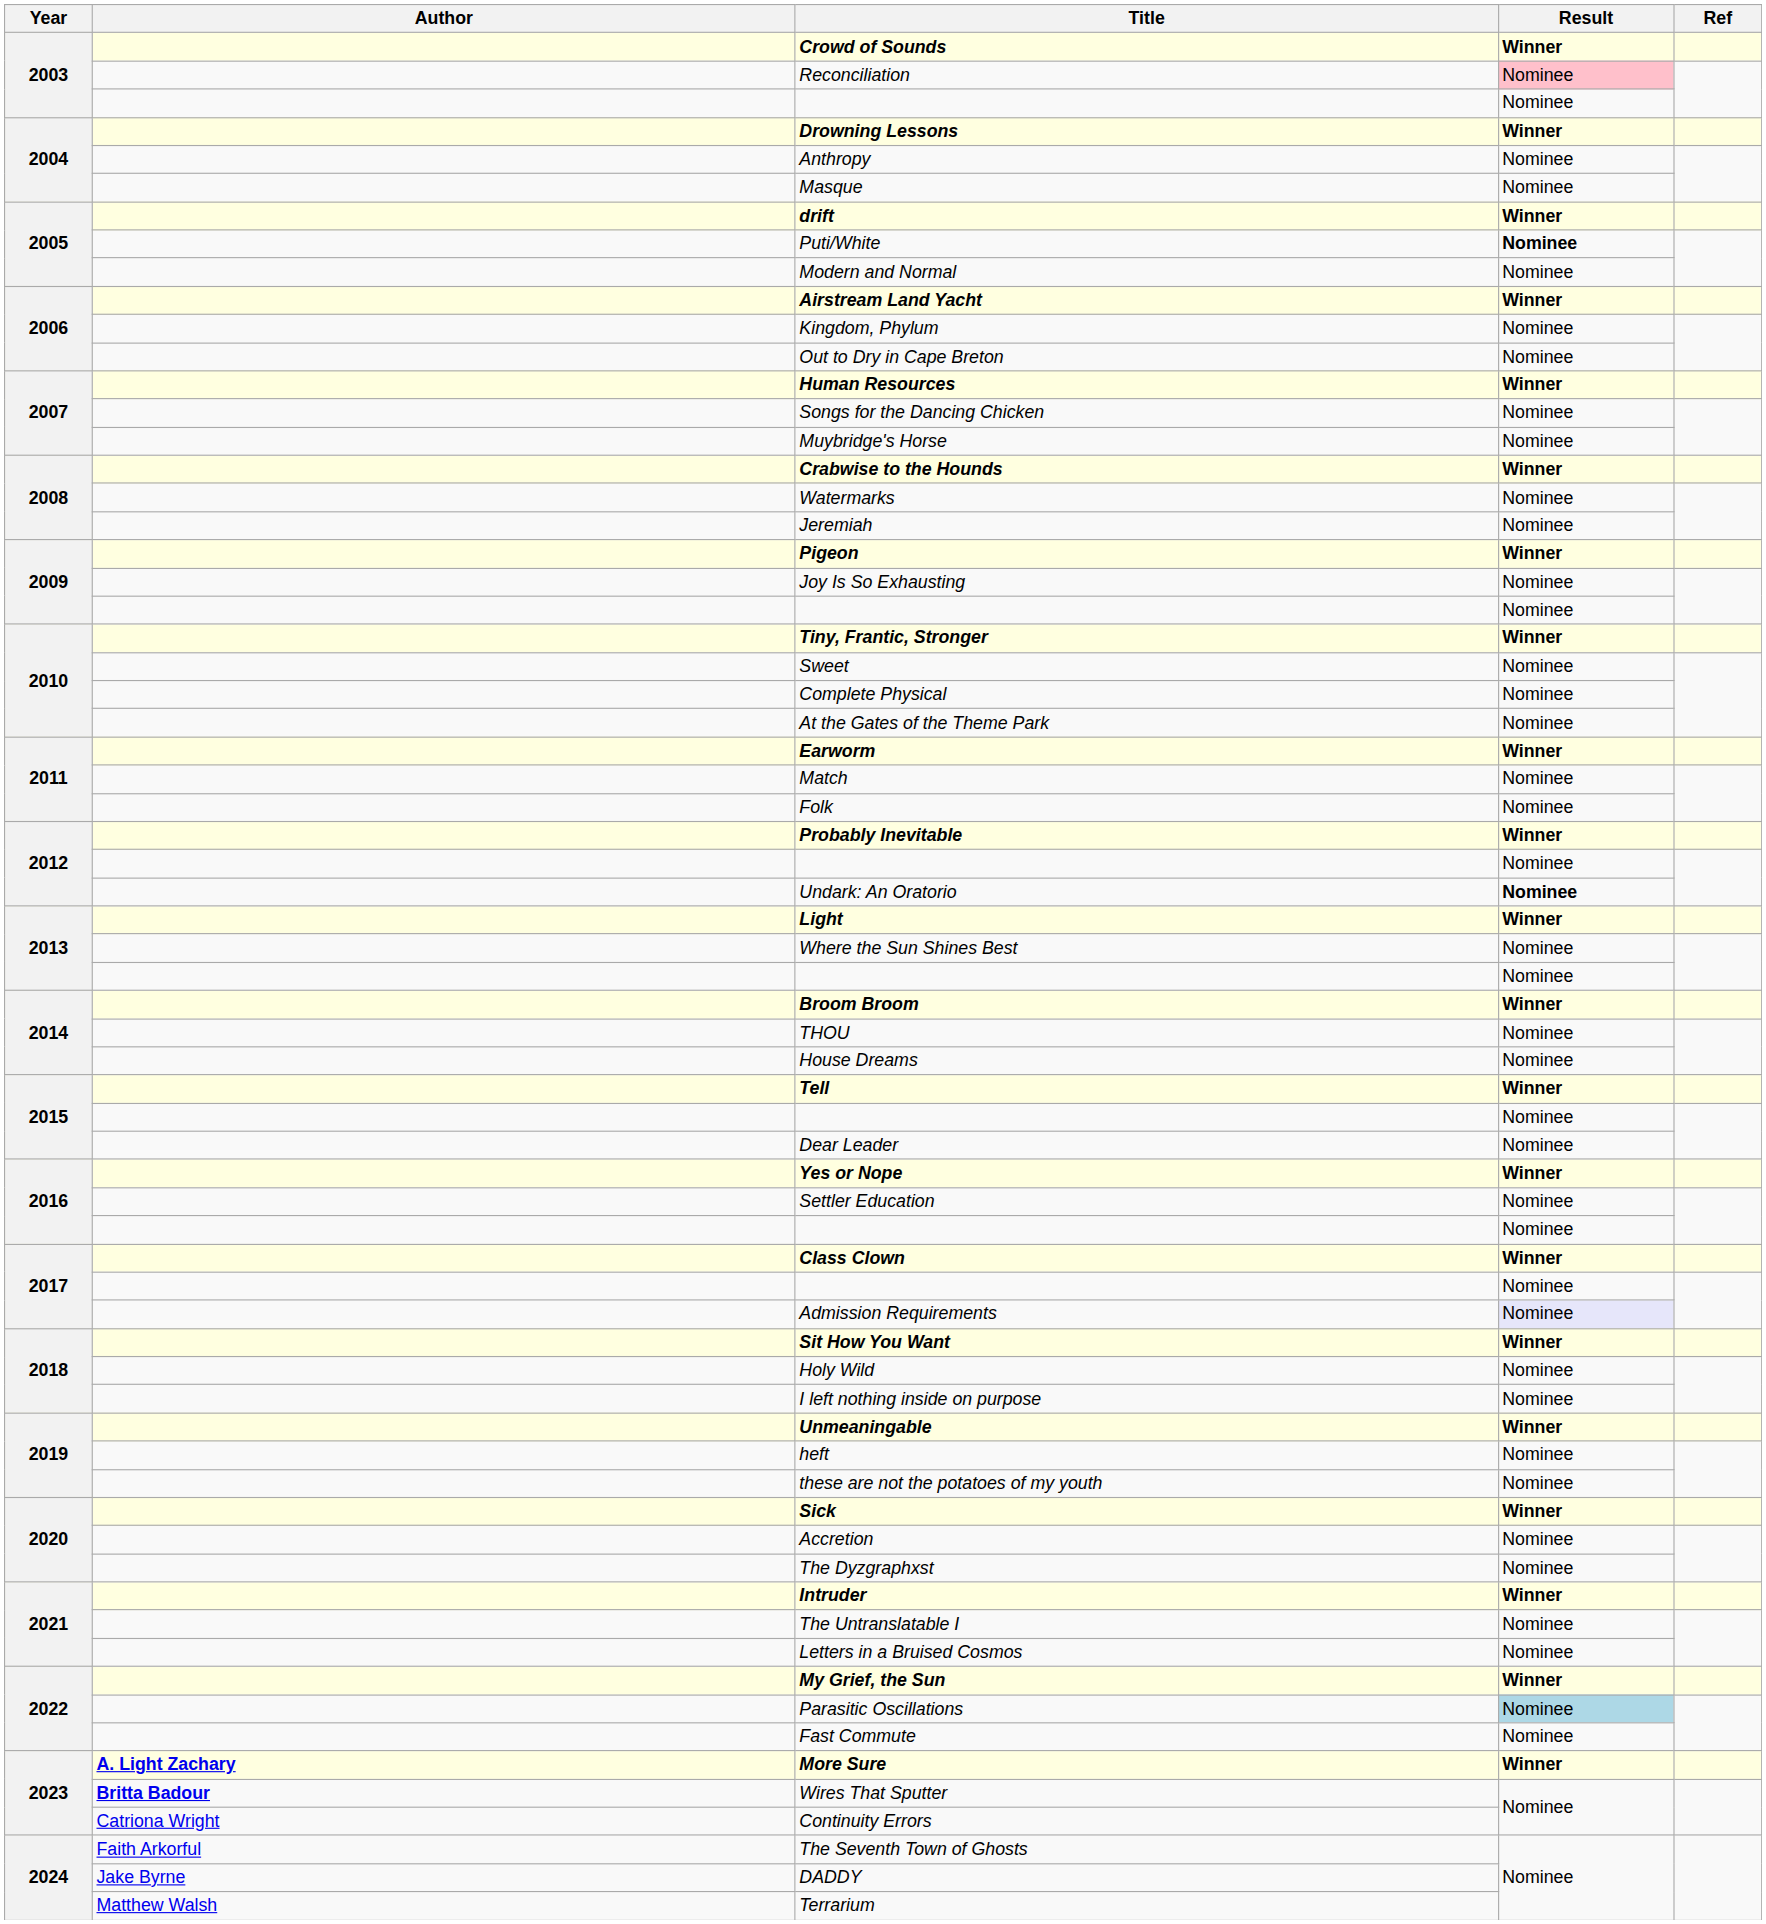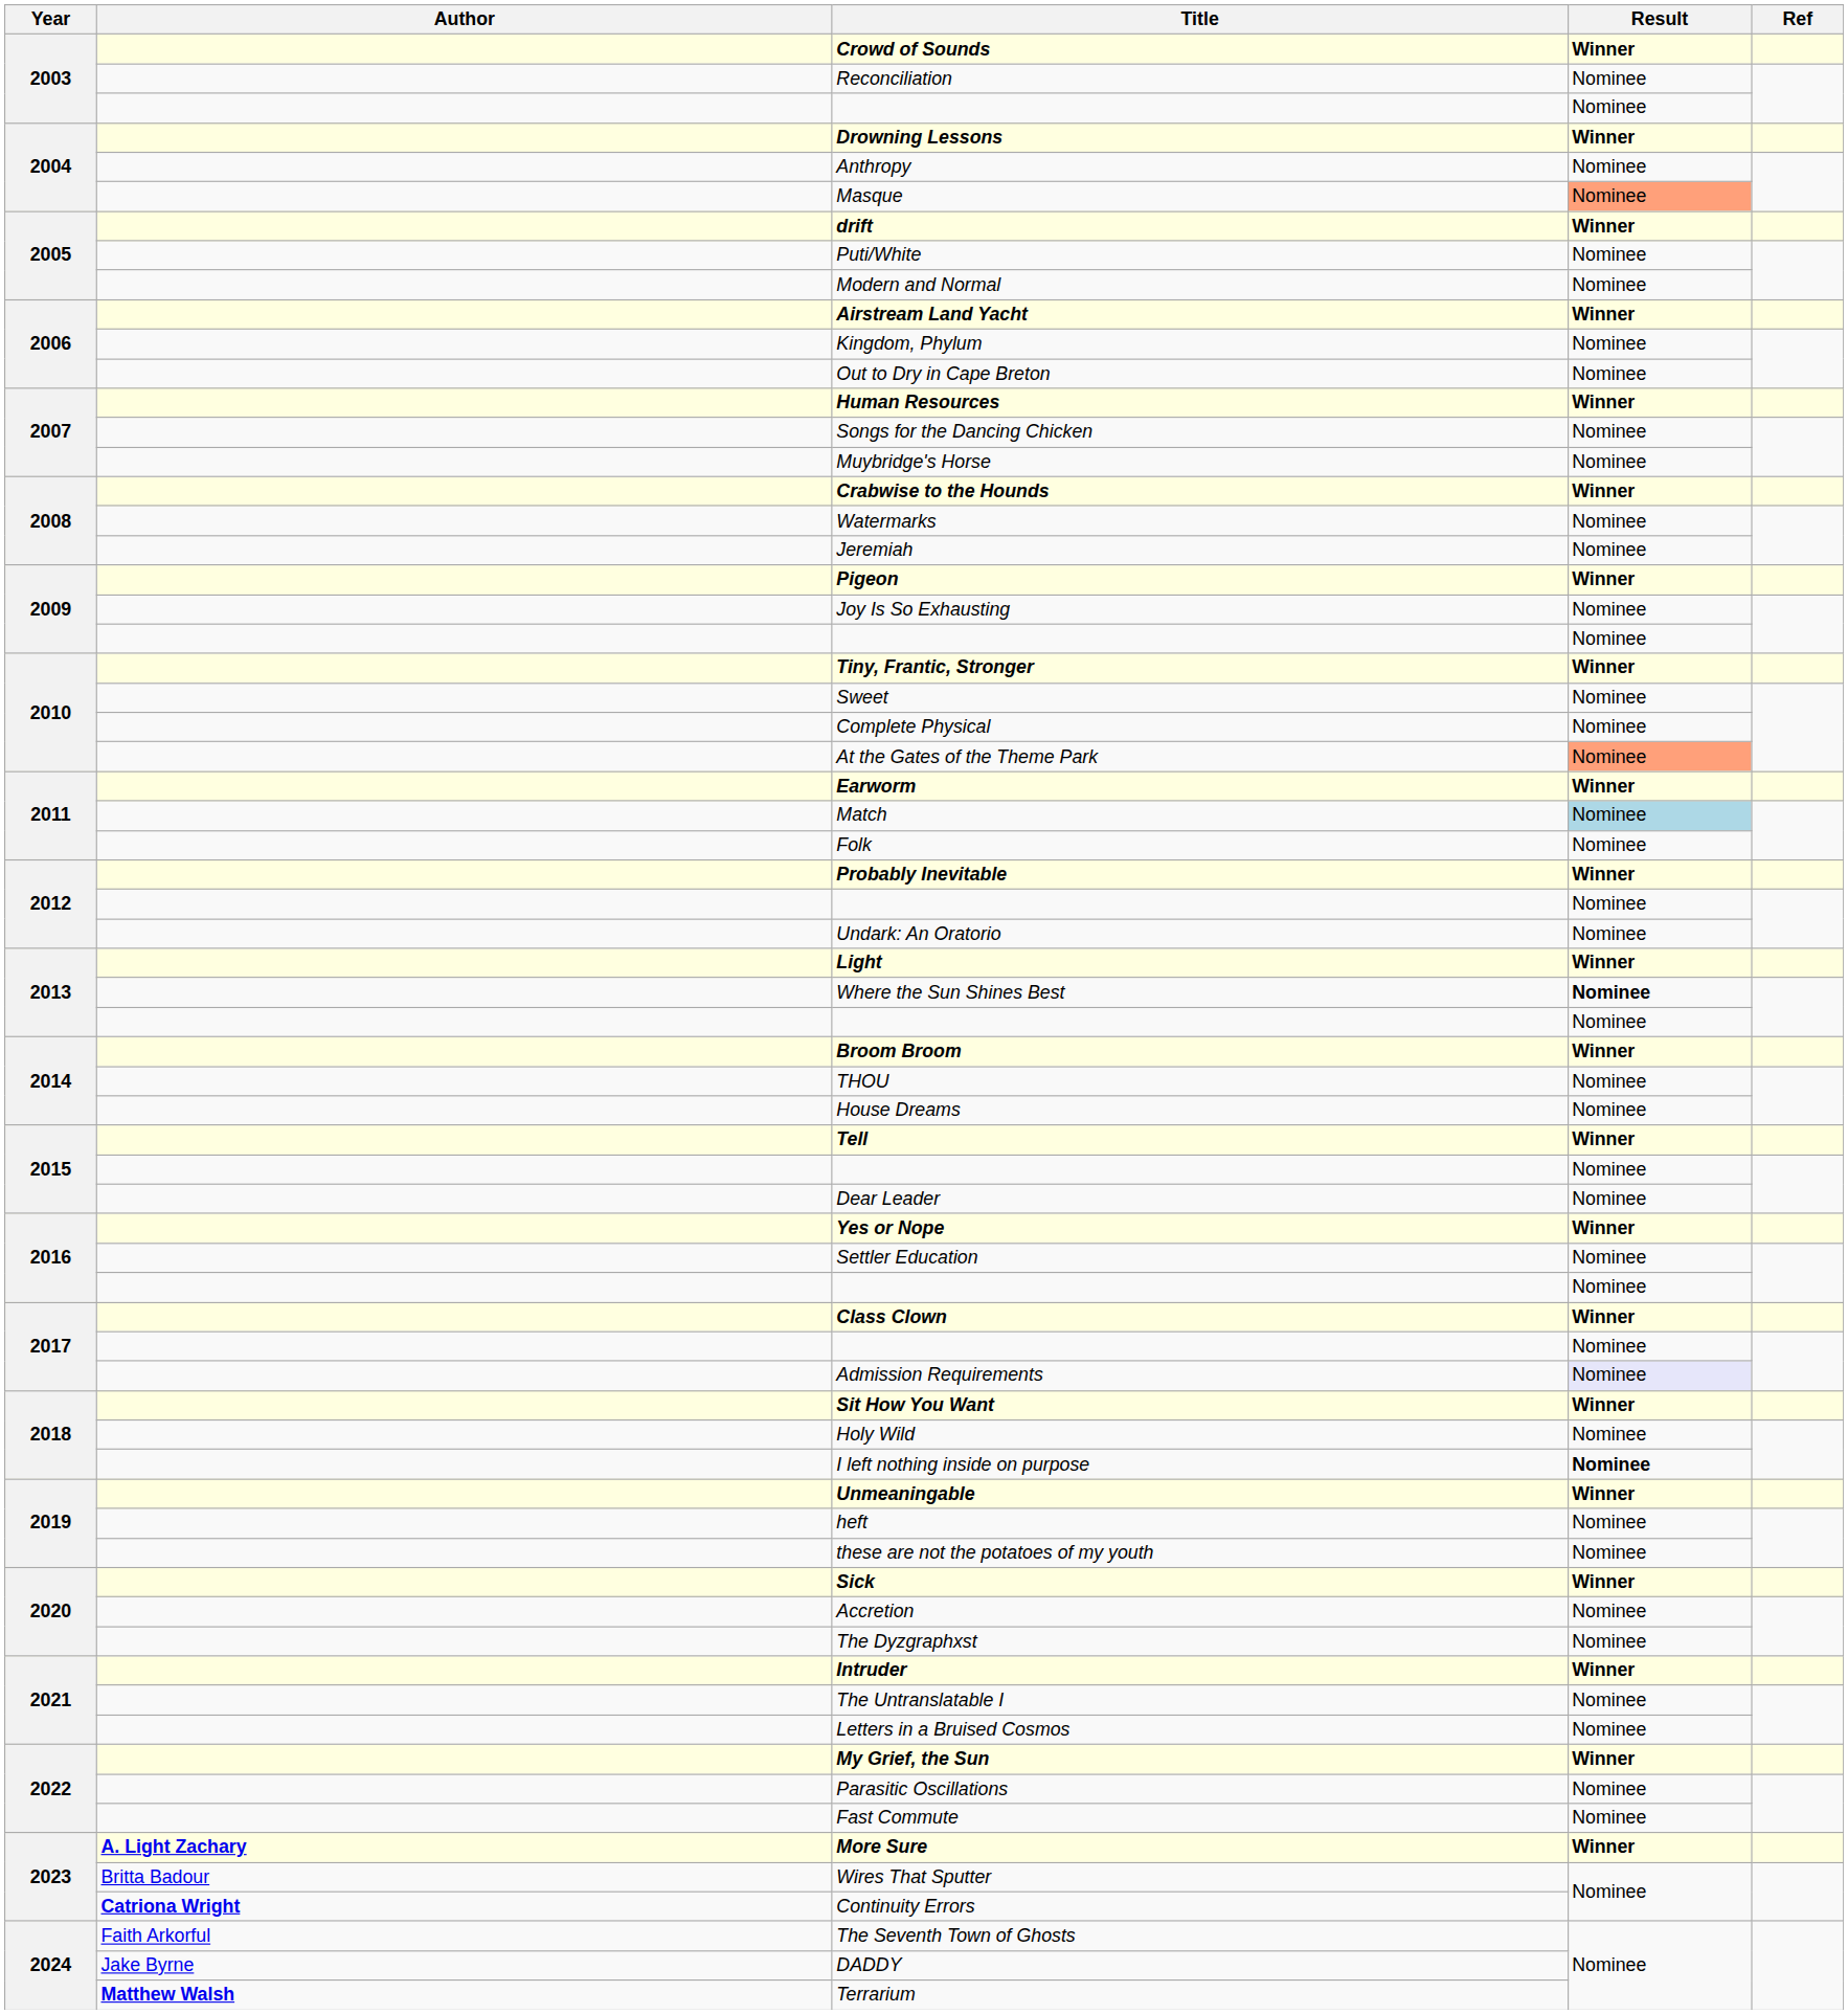 <table class="wikitable sortable mw-collapsible" width="100%">
 <tr>
 <th width="5%">Year</th>
 <th width=40%>Author</th>
 <th width="40%">Title</th>
 <th width="10%">Result</th>
 <th width="5%">Ref</th>
 </tr>
 <tr style="background:lightyellow">
 <th rowspan="3">2003</th>
 <td><strong></strong></td>
 <td><strong><em>Crowd of Sounds</em></strong></td>
 <td><strong>Winner</strong></td>
 <td></td>
 </tr>
 <tr>
 <td></td>
 <td><em>Reconciliation</em></td>
-<td style="background: pink;">Nominee</td>
+<td>Nominee</td>
 <td rowspan="2"></td>
 </tr>
 <tr>
 <td></td>
 <td></td>
 <td>Nominee</td>
 </tr>
 <tr style="background:lightyellow">
 <th rowspan="3">2004</th>
 <td><strong></strong></td>
 <td><strong><em>Drowning Lessons</em></strong></td>
 <td><strong>Winner</strong></td>
 <td></td>
 </tr>
 <tr>
 <td></td>
 <td><em>Anthropy</em></td>
 <td>Nominee</td>
 <td rowspan="2"></td>
 </tr>
 <tr>
 <td></td>
 <td><em>Masque</em></td>
-<td>Nominee</td>
+<td style="background: lightsalmon;">Nominee</td>
 </tr>
 <tr style="background:lightyellow">
 <th rowspan="3">2005</th>
 <td><strong></strong></td>
 <td><strong><em>drift</em></strong></td>
 <td><strong>Winner</strong></td>
 <td></td>
 </tr>
 <tr>
 <td></td>
 <td><em>Puti/White</em></td>
-<td><strong>Nominee</strong></td>
+<td>Nominee</td>
 <td rowspan="2"></td>
 </tr>
 <tr>
 <td></td>
 <td><em>Modern and Normal</em></td>
 <td>Nominee</td>
 </tr>
 <tr style="background:lightyellow">
 <th rowspan="3">2006</th>
 <td><strong></strong></td>
 <td><strong><em>Airstream Land Yacht</em></strong></td>
 <td><strong>Winner</strong></td>
 <td></td>
 </tr>
 <tr>
 <td></td>
 <td><em>Kingdom, Phylum</em></td>
 <td>Nominee</td>
 <td rowspan="2"></td>
 </tr>
 <tr>
 <td></td>
 <td><em>Out to Dry in Cape Breton</em></td>
 <td>Nominee</td>
 </tr>
 <tr style="background:lightyellow">
 <th rowspan="3">2007</th>
 <td><strong></strong></td>
 <td><strong><em>Human Resources</em></strong></td>
 <td><strong>Winner</strong></td>
 <td></td>
 </tr>
 <tr>
 <td></td>
 <td><em>Songs for the Dancing Chicken</em></td>
 <td>Nominee</td>
 <td rowspan="2"></td>
 </tr>
 <tr>
 <td></td>
 <td><em>Muybridge's Horse</em></td>
 <td>Nominee</td>
 </tr>
 <tr style="background:lightyellow">
 <th rowspan="3">2008</th>
 <td><strong></strong></td>
 <td><strong><em>Crabwise to the Hounds</em></strong></td>
 <td><strong>Winner</strong></td>
 <td></td>
 </tr>
 <tr>
 <td></td>
 <td><em>Watermarks</em></td>
 <td>Nominee</td>
 <td rowspan="2"></td>
 </tr>
 <tr>
 <td></td>
 <td><em>Jeremiah</em></td>
 <td>Nominee</td>
 </tr>
 <tr style="background:lightyellow">
 <th rowspan="3">2009</th>
 <td><strong></strong></td>
 <td><strong><em>Pigeon</em></strong></td>
 <td><strong>Winner</strong></td>
 <td></td>
 </tr>
 <tr>
 <td></td>
 <td><em>Joy Is So Exhausting</em></td>
 <td>Nominee</td>
 <td rowspan="2"></td>
 </tr>
 <tr>
 <td></td>
 <td></td>
 <td>Nominee</td>
 </tr>
 <tr style="background:lightyellow">
 <th rowspan="4">2010</th>
 <td><strong></strong></td>
 <td><strong><em>Tiny, Frantic, Stronger</em></strong></td>
 <td><strong>Winner</strong></td>
 <td></td>
 </tr>
 <tr>
 <td></td>
 <td><em>Sweet</em></td>
 <td>Nominee</td>
 <td rowspan="3"></td>
 </tr>
 <tr>
 <td></td>
 <td><em>Complete Physical</em></td>
 <td>Nominee</td>
 </tr>
 <tr>
 <td></td>
 <td><em>At the Gates of the Theme Park</em></td>
-<td>Nominee</td>
+<td style="background: lightsalmon;">Nominee</td>
 </tr>
 <tr style="background:lightyellow">
 <th rowspan="3">2011</th>
 <td><strong></strong></td>
 <td><strong><em>Earworm</em></strong></td>
 <td><strong>Winner</strong></td>
 <td></td>
 </tr>
 <tr>
 <td></td>
 <td><em>Match</em></td>
-<td>Nominee</td>
+<td style="background: lightblue;">Nominee</td>
 <td rowspan="2"></td>
 </tr>
 <tr>
 <td></td>
 <td><em>Folk</em></td>
 <td>Nominee</td>
 </tr>
 <tr style="background:lightyellow">
 <th rowspan="3">2012</th>
 <td><strong></strong></td>
 <td><strong><em>Probably Inevitable</em></strong></td>
 <td><strong>Winner</strong></td>
 <td></td>
 </tr>
 <tr>
 <td></td>
 <td></td>
 <td>Nominee</td>
 <td rowspan="2"></td>
 </tr>
 <tr>
 <td></td>
 <td><em>Undark: An Oratorio</em></td>
-<td><strong>Nominee</strong></td>
+<td>Nominee</td>
 </tr>
 <tr style="background:lightyellow">
 <th rowspan="3">2013</th>
 <td><strong></strong></td>
 <td><strong><em>Light</em></strong></td>
 <td><strong>Winner</strong></td>
 <td></td>
 </tr>
 <tr>
 <td></td>
 <td><em>Where the Sun Shines Best</em></td>
-<td>Nominee</td>
+<td><strong>Nominee</strong></td>
 <td rowspan="2"></td>
 </tr>
 <tr>
 <td></td>
 <td></td>
 <td>Nominee</td>
 </tr>
 <tr style="background:lightyellow">
 <th rowspan="3">2014</th>
 <td><strong></strong></td>
 <td><strong><em>Broom Broom</em></strong></td>
 <td><strong>Winner</strong></td>
 <td></td>
 </tr>
 <tr>
 <td></td>
 <td><em>THOU</em></td>
 <td>Nominee</td>
 <td rowspan="2"></td>
 </tr>
 <tr>
 <td></td>
 <td><em>House Dreams</em></td>
 <td>Nominee</td>
 </tr>
 <tr style="background:lightyellow">
 <th rowspan="3">2015</th>
 <td><strong></strong></td>
 <td><strong><em>Tell</em></strong></td>
 <td><strong>Winner</strong></td>
 <td></td>
 </tr>
 <tr>
 <td></td>
 <td></td>
 <td>Nominee</td>
 <td rowspan="2"></td>
 </tr>
 <tr>
 <td></td>
 <td><em>Dear Leader</em></td>
 <td>Nominee</td>
 </tr>
 <tr style="background:lightyellow">
 <th rowspan="3">2016</th>
 <td><strong></strong></td>
 <td><strong><em>Yes or Nope</em></strong></td>
 <td><strong>Winner</strong></td>
 <td></td>
 </tr>
 <tr>
 <td></td>
 <td><em>Settler Education</em></td>
 <td>Nominee</td>
 <td rowspan="2"></td>
 </tr>
 <tr>
 <td></td>
 <td></td>
 <td>Nominee</td>
 </tr>
 <tr style="background:lightyellow">
 <th rowspan="3">2017</th>
 <td><strong></strong></td>
 <td><strong><em>Class Clown</em></strong></td>
 <td><strong>Winner</strong></td>
 <td></td>
 </tr>
 <tr>
 <td></td>
 <td></td>
 <td>Nominee</td>
 <td rowspan="2"></td>
 </tr>
 <tr>
 <td></td>
 <td><em>Admission Requirements</em></td>
 <td style="background: lavender;">Nominee</td>
 </tr>
 <tr style="background:lightyellow">
 <th rowspan="3">2018</th>
 <td><strong></strong></td>
 <td><strong><em>Sit How You Want</em></strong></td>
 <td><strong>Winner</strong></td>
 <td></td>
 </tr>
 <tr>
 <td></td>
 <td><em>Holy Wild</em></td>
 <td>Nominee</td>
 <td rowspan="2"></td>
 </tr>
 <tr>
 <td></td>
 <td><em>I left nothing inside on purpose</em></td>
-<td>Nominee</td>
+<td><strong>Nominee</strong></td>
 </tr>
 <tr style="background:lightyellow">
 <th rowspan="3">2019</th>
 <td><strong></strong></td>
 <td><strong><em>Unmeaningable</em></strong></td>
 <td><strong>Winner</strong></td>
 <td></td>
 </tr>
 <tr>
 <td></td>
 <td><em>heft</em></td>
 <td>Nominee</td>
 <td rowspan="2"></td>
 </tr>
 <tr>
 <td></td>
 <td><em>these are not the potatoes of my youth</em></td>
 <td>Nominee</td>
 </tr>
 <tr style="background:lightyellow">
 <th rowspan="3">2020</th>
 <td><strong></strong></td>
 <td><strong><em>Sick</em></strong></td>
 <td><strong>Winner</strong></td>
 <td></td>
 </tr>
 <tr>
 <td></td>
 <td><em>Accretion</em></td>
 <td>Nominee</td>
 <td rowspan="2"></td>
 </tr>
 <tr>
 <td></td>
 <td><em>The Dyzgraphxst</em></td>
 <td>Nominee</td>
 </tr>
 <tr style="background:lightyellow">
 <th rowspan="3">2021</th>
 <td><strong></strong></td>
 <td><strong><em>Intruder</em></strong></td>
 <td><strong>Winner</strong></td>
 <td></td>
 </tr>
 <tr>
 <td></td>
 <td><em>The Untranslatable I</em></td>
 <td>Nominee</td>
 <td rowspan="2"></td>
 </tr>
 <tr>
 <td></td>
 <td><em>Letters in a Bruised Cosmos</em></td>
 <td>Nominee</td>
 </tr>
 <tr style="background:lightyellow">
 <th rowspan="3">2022</th>
 <td><strong></strong></td>
 <td><strong><em>My Grief, the Sun</em></strong></td>
 <td><strong>Winner</strong></td>
 <td></td>
 </tr>
 <tr>
 <td></td>
 <td><em>Parasitic Oscillations</em></td>
-<td style="background: lightblue;">Nominee</td>
+<td>Nominee</td>
 <td rowspan="2"></td>
 </tr>
 <tr>
 <td></td>
 <td><em>Fast Commute</em></td>
 <td>Nominee</td>
 </tr>
 <tr style="background:lightyellow">
 <th rowspan="3">2023</th>
 <td><strong><a href='#'>A. Light Zachary</a></strong></td>
 <td><strong><em>More Sure</em></strong></td>
 <td><strong>Winner</strong></td>
 <td></td>
 </tr>
 <tr>
-<td><strong><a href='#'>Britta Badour</a></strong></td>
+<td><a href='#'>Britta Badour</a></td>
 <td><em>Wires That Sputter</em></td>
 <td rowspan=2>Nominee</td>
 <td rowspan=2></td>
 </tr>
 <tr>
-<td><a href='#'>Catriona Wright</a></td>
+<td><strong><a href='#'>Catriona Wright</a></strong></td>
 <td><em>Continuity Errors</em></td>
 </tr>
 <tr>
 <th rowspan="3">2024</th>
 <td><a href='#'>Faith Arkorful</a></td>
 <td><em>The Seventh Town of Ghosts</em></td>
 <td rowspan=3>Nominee</td>
 <td rowspan=3></td>
 </tr>
 <tr>
 <td><a href='#'>Jake Byrne</a></td>
 <td><em>DADDY</em></td>
 </tr>
 <tr>
-<td><a href='#'>Matthew Walsh</a></td>
+<td><strong><a href='#'>Matthew Walsh</a></strong></td>
 <td><em>Terrarium</em></td>
 </tr>
 </table>
